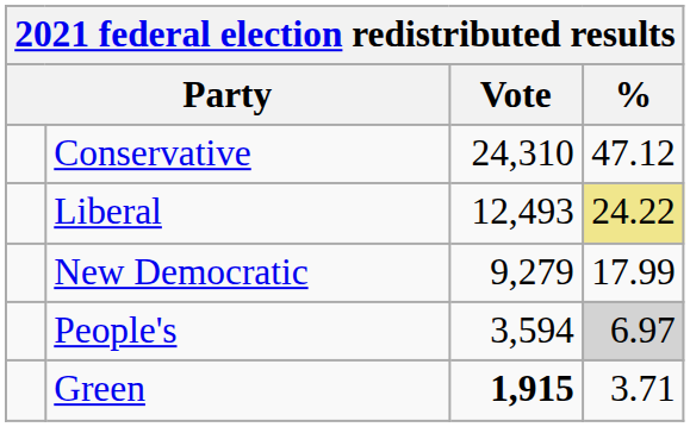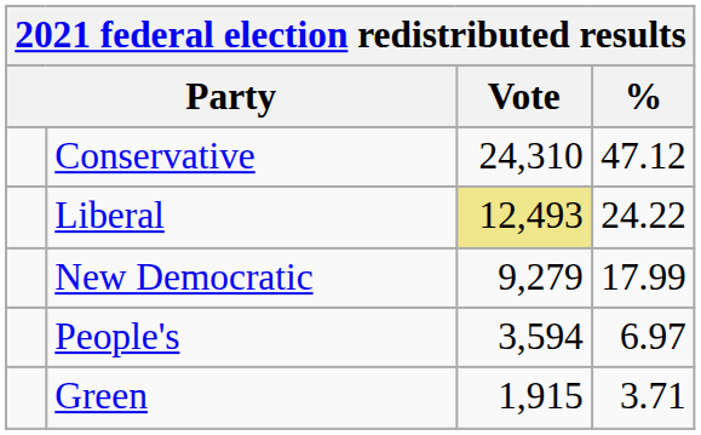 <table class="wikitable">
 <tr>
 <th colspan="4"><a href='#'>2021 federal election</a> redistributed results</th>
 </tr>
 <tr>
 <th bgcolor="#DDDDFF" width="130px" colspan="2">Party</th>
 <th bgcolor="#DDDDFF" width="50px">Vote</th>
 <th bgcolor="#DDDDFF" width="30px">%</th>
 </tr>
 <tr>
 <td> </td>
 <td><a href='#'>Conservative</a></td>
 <td align=right>24,310</td>
 <td align=right>47.12</td>
 </tr>
 <tr>
 <td> </td>
 <td><a href='#'>Liberal</a></td>
-<td align=right>12,493</td>
-<td align=right style="background: khaki;">24.22</td>
+<td align=right style="background: khaki;">12,493</td>
+<td align=right>24.22</td>
 </tr>
 <tr>
 <td> </td>
 <td><a href='#'>New Democratic</a></td>
 <td align=right>9,279</td>
 <td align=right>17.99</td>
 </tr>
 <tr>
 <td> </td>
 <td><a href='#'>People's</a></td>
 <td align=right>3,594</td>
-<td align=right style="background: lightgrey;">6.97</td>
+<td align=right>6.97</td>
 </tr>
 <tr>
 <td> </td>
 <td><a href='#'>Green</a></td>
-<td align=right><strong>1,915</strong></td>
+<td align=right>1,915</td>
 <td align=right>3.71</td>
 </tr>
 </table>
